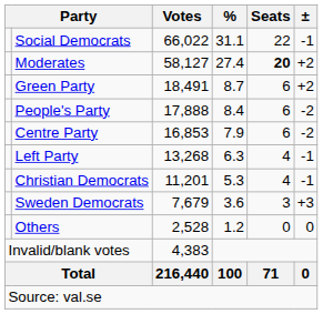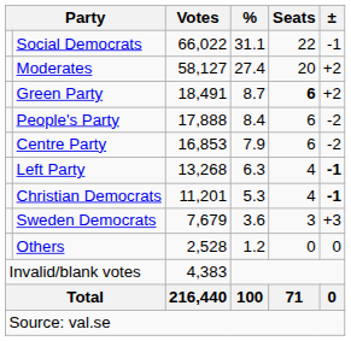 <table class=wikitable style=text-align:right>
 <tr>
 <th colspan=2>Party</th>
 <th>Votes</th>
 <th>%</th>
 <th>Seats</th>
 <th>±</th>
 </tr>
 <tr>
 <td bgcolor=></td>
 <td align=left><a href='#'>Social Democrats</a></td>
 <td>66,022</td>
 <td>31.1</td>
 <td>22</td>
 <td>-1</td>
 </tr>
 <tr>
 <td bgcolor=></td>
 <td align=left><a href='#'>Moderates</a></td>
 <td>58,127</td>
 <td>27.4</td>
-<td><strong>20</strong></td>
+<td>20</td>
 <td>+2</td>
 </tr>
 <tr>
 <td bgcolor=></td>
 <td align=left><a href='#'>Green Party</a></td>
 <td>18,491</td>
 <td>8.7</td>
-<td>6</td>
+<td><strong>6</strong></td>
 <td>+2</td>
 </tr>
 <tr>
 <td bgcolor=></td>
 <td align=left><a href='#'>People's Party</a></td>
 <td>17,888</td>
 <td>8.4</td>
 <td>6</td>
 <td>-2</td>
 </tr>
 <tr>
 <td bgcolor=></td>
 <td align=left><a href='#'>Centre Party</a></td>
 <td>16,853</td>
 <td>7.9</td>
 <td>6</td>
 <td>-2</td>
 </tr>
 <tr>
 <td bgcolor=></td>
 <td align=left><a href='#'>Left Party</a></td>
 <td>13,268</td>
 <td>6.3</td>
 <td>4</td>
-<td>-1</td>
+<td><strong>-1</strong></td>
 </tr>
 <tr>
 <td bgcolor=></td>
 <td align=left><a href='#'>Christian Democrats</a></td>
 <td>11,201</td>
 <td>5.3</td>
 <td>4</td>
-<td>-1</td>
+<td><strong>-1</strong></td>
 </tr>
 <tr>
 <td bgcolor=></td>
 <td align=left><a href='#'>Sweden Democrats</a></td>
 <td>7,679</td>
 <td>3.6</td>
 <td>3</td>
 <td>+3</td>
 </tr>
 <tr>
 <td></td>
 <td align=left><a href='#'>Others</a></td>
 <td>2,528</td>
 <td>1.2</td>
 <td>0</td>
 <td>0</td>
 </tr>
 <tr>
 <td align=left colspan=2>Invalid/blank votes</td>
 <td>4,383</td>
 <td colspan=3></td>
 </tr>
 <tr>
 <th align=left colspan=2>Total</th>
 <th>216,440</th>
 <th>100</th>
 <th>71</th>
 <th>0</th>
 </tr>
 <tr>
 <td align=left colspan=6>Source: val.se </td>
 </tr>
 </table>
